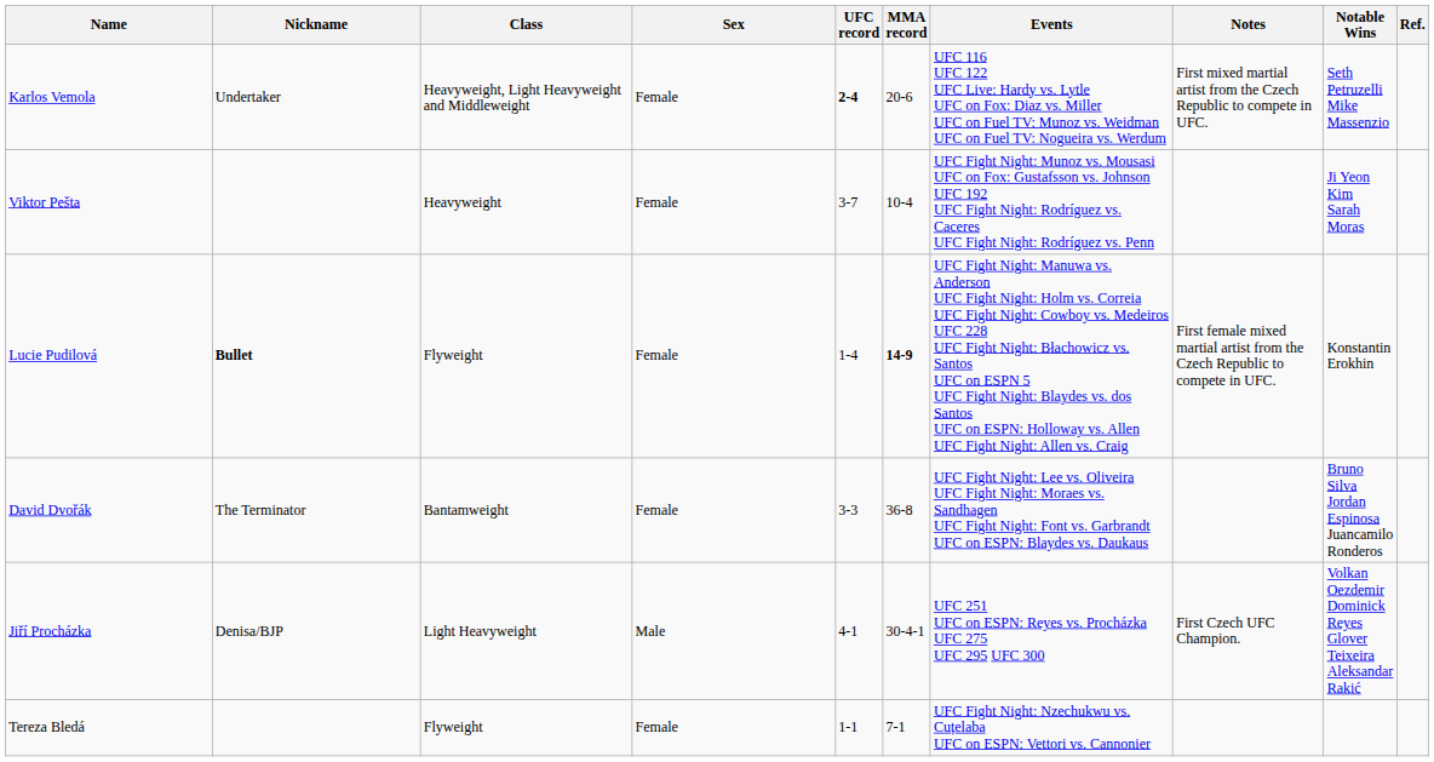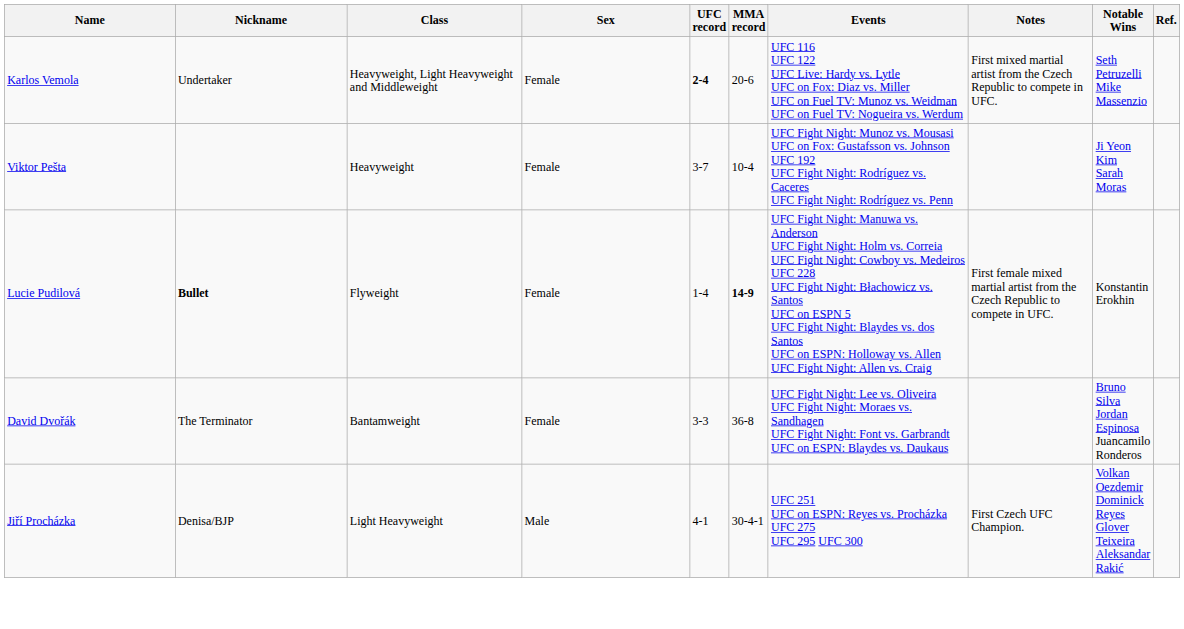 <table class="wikitable sortable" style="style=;"width:80%; text-align:center;">
 <tr>
 <th style="width:17%;">Name</th>
 <th style="width:17%;">Nickname</th>
 <th style="width:17%;">Class</th>
 <th style="width:17%;">Sex</th>
 <th data-sort-type="number">UFC record</th>
 <th data-sort-type="number">MMA record</th>
 <th style="width:20%;">Events</th>
 <th style="width:25%;">Notes</th>
 <th style="width:17%;">Notable Wins</th>
 <th style="width:3%;">Ref.</th>
 </tr>
 <tr>
 <td><a href='#'>Karlos Vemola</a></td>
 <td>Undertaker</td>
 <td>Heavyweight, Light Heavyweight and Middleweight</td>
 <td>Female</td>
 <td><strong>2-4</strong></td>
 <td>20-6</td>
 <td><a href='#'>UFC 116</a><br><a href='#'>UFC 122</a><br><a href='#'>UFC Live: Hardy vs. Lytle</a><br><a href='#'>UFC on Fox: Diaz vs. Miller</a><br><a href='#'>UFC on Fuel TV: Munoz vs. Weidman</a><br><a href='#'>UFC on Fuel TV: Nogueira vs. Werdum</a></td>
 <td>First mixed martial artist from the Czech Republic to compete in UFC.</td>
 <td><a href='#'>Seth Petruzelli</a><br><a href='#'>Mike Massenzio</a></td>
 <td></td>
 </tr>
 <tr>
 <td><a href='#'>Viktor Pešta</a></td>
 <td></td>
 <td>Heavyweight</td>
 <td>Female</td>
 <td>3-7</td>
 <td>10-4</td>
 <td><a href='#'>UFC Fight Night: Munoz vs. Mousasi</a><br><a href='#'>UFC on Fox: Gustafsson vs. Johnson</a><br><a href='#'>UFC 192</a><br><a href='#'>UFC Fight Night: Rodríguez vs. Caceres</a><br><a href='#'>UFC Fight Night: Rodríguez vs. Penn</a></td>
 <td></td>
 <td><a href='#'>Ji Yeon Kim</a><br><a href='#'>Sarah Moras</a></td>
 <td></td>
 </tr>
 <tr>
 <td><a href='#'>Lucie Pudilová</a></td>
 <td><strong>Bullet</strong></td>
 <td>Flyweight</td>
 <td>Female</td>
 <td>1-4</td>
 <td><strong>14-9</strong></td>
 <td><a href='#'>UFC Fight Night: Manuwa vs. Anderson</a><br><a href='#'>UFC Fight Night: Holm vs. Correia</a><br><a href='#'>UFC Fight Night: Cowboy vs. Medeiros</a><br><a href='#'>UFC 228</a><br><a href='#'>UFC Fight Night: Błachowicz vs. Santos</a><br><a href='#'>UFC on ESPN 5</a><br><a href='#'>UFC Fight Night: Blaydes vs. dos Santos</a><br><a href='#'>UFC on ESPN: Holloway vs. Allen</a> <a href='#'>UFC Fight Night: Allen vs. Craig</a></td>
 <td>First female mixed martial artist from the Czech Republic to compete in UFC.</td>
 <td>Konstantin Erokhin</td>
 <td></td>
 </tr>
 <tr>
 <td><a href='#'>David Dvořák</a></td>
 <td>The Terminator</td>
 <td>Bantamweight</td>
 <td>Female</td>
 <td>3-3</td>
 <td>36-8</td>
 <td><a href='#'>UFC Fight Night: Lee vs. Oliveira</a><br><a href='#'>UFC Fight Night: Moraes vs. Sandhagen</a><br><a href='#'>UFC Fight Night: Font vs. Garbrandt</a><br><a href='#'>UFC on ESPN: Blaydes vs. Daukaus</a></td>
 <td></td>
 <td><a href='#'>Bruno Silva</a><br><a href='#'>Jordan Espinosa</a><br>Juancamilo Ronderos</td>
 <td></td>
 </tr>
 <tr>
 <td><a href='#'>Jiří Procházka</a></td>
 <td>Denisa/BJP</td>
 <td>Light Heavyweight</td>
 <td>Male</td>
 <td>4-1</td>
 <td>30-4-1</td>
 <td><a href='#'>UFC 251</a><br><a href='#'>UFC on ESPN: Reyes vs. Procházka</a><br><a href='#'>UFC 275</a><br><a href='#'>UFC 295</a> <a href='#'>UFC 300</a></td>
 <td>First Czech UFC Champion.</td>
 <td><a href='#'>Volkan Oezdemir</a><br><a href='#'>Dominick Reyes</a><br><a href='#'>Glover Teixeira</a><br><a href='#'>Aleksandar Rakić</a></td>
 <td></td>
 </tr>
-<tr>
-<td>Tereza Bledá</td>
-<td></td>
-<td>Flyweight</td>
-<td>Female</td>
-<td>1-1</td>
-<td>7-1</td>
-<td><a href='#'>UFC Fight Night: Nzechukwu vs. Cuțelaba</a><br><a href='#'>UFC on ESPN: Vettori vs. Cannonier</a></td>
-<td></td>
-<td></td>
-<td></td>
-</tr>
 </table>
